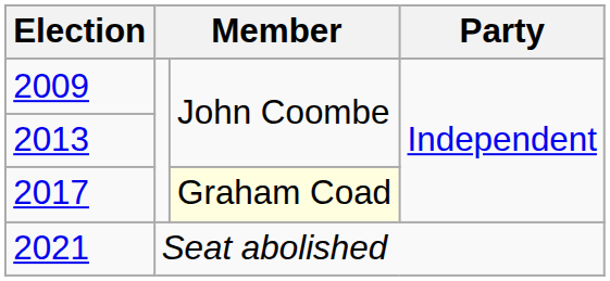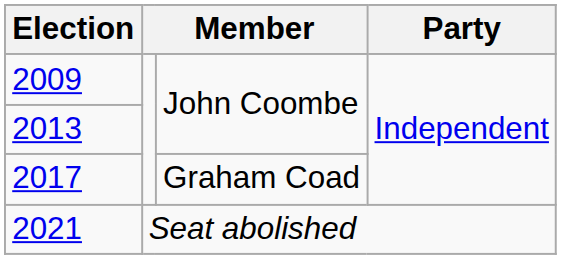 <table class="wikitable">
 <tr>
 <th>Election</th>
 <th colspan="2">Member</th>
 <th>Party</th>
 </tr>
 <tr>
 <td><a href='#'>2009</a></td>
 <td rowspan="3" style="background-color: "></td>
 <td rowspan="2">John Coombe</td>
 <td rowspan="3"><a href='#'>Independent</a></td>
 </tr>
 <tr>
 <td><a href='#'>2013</a></td>
 </tr>
 <tr>
 <td><a href='#'>2017</a></td>
-<td style="background: lightyellow;">Graham Coad</td>
+<td>Graham Coad</td>
 </tr>
 <tr>
 <td><a href='#'>2021</a></td>
 <td colspan="3"><em>Seat abolished</em></td>
 </tr>
 </table>
